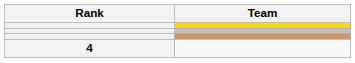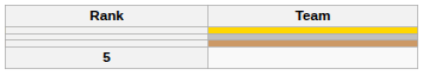 <table class="wikitable unsortable" style="text-align:left; width:30%">
 <tr>
 <th scope="col">Rank</th>
 <th scope="col">Team</th>
 </tr>
 <tr bgcolor="gold">
 <th scope="row"></th>
 <td></td>
 </tr>
 <tr bgcolor="silver">
 <th scope="row"></th>
 <td></td>
 </tr>
 <tr bgcolor="cc9966">
 <th scope="row"></th>
 <td></td>
 </tr>
 <tr>
-<th scope="row">4</th>
+<th scope="row">5</th>
 <td></td>
 </tr>
 </table>
